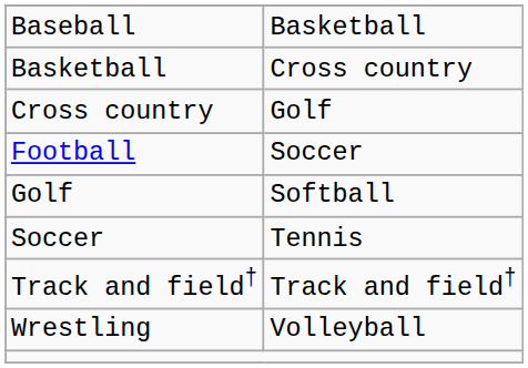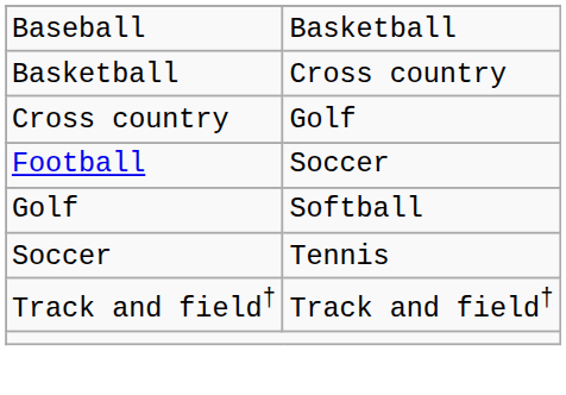 <table class="wikitable" style="float:right; clear:right; margin:0 0 1em 1em;">
 <tr>
 </tr>
 <tr>
 <td>Baseball</td>
 <td>Basketball</td>
 </tr>
 <tr>
 <td>Basketball</td>
 <td>Cross country</td>
 </tr>
 <tr>
 <td>Cross country</td>
 <td>Golf</td>
 </tr>
 <tr>
 <td><a href='#'>Football</a></td>
 <td>Soccer</td>
 </tr>
 <tr>
 <td>Golf</td>
 <td>Softball</td>
 </tr>
 <tr>
 <td>Soccer</td>
 <td>Tennis</td>
 </tr>
 <tr>
 <td>Track and field<sup>†</sup></td>
 <td>Track and field<sup>†</sup></td>
 </tr>
 <tr>
-<td>Wrestling</td>
-<td>Volleyball</td>
-</tr>
-<tr>
 <td colspan="2"></td>
 </tr>
 </table>
